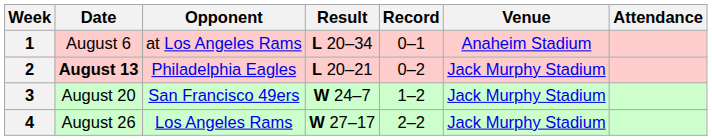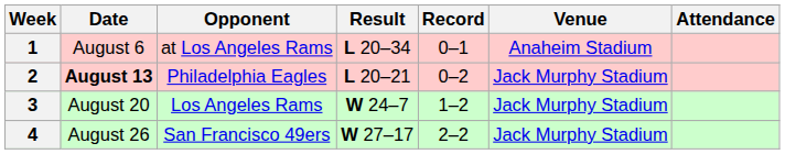 <table class="wikitable" style="text-align:center">
 <tr>
 <th>Week</th>
 <th>Date</th>
 <th>Opponent</th>
 <th>Result</th>
 <th>Record</th>
 <th>Venue</th>
 <th>Attendance</th>
 </tr>
 <tr style="background:#fcc">
 <th>1</th>
 <td>August 6</td>
 <td>at <a href='#'>Los Angeles Rams</a></td>
 <td><strong>L</strong> 20–34</td>
 <td>0–1</td>
 <td><a href='#'>Anaheim Stadium</a></td>
 <td></td>
 </tr>
 <tr style="background:#fcc">
 <th>2</th>
 <td><strong>August 13</strong></td>
 <td><a href='#'>Philadelphia Eagles</a></td>
 <td><strong>L</strong> 20–21</td>
 <td>0–2</td>
 <td><a href='#'>Jack Murphy Stadium</a></td>
 <td></td>
 </tr>
 <tr style="background:#cfc">
 <th>3</th>
 <td>August 20</td>
-<td><a href='#'>San Francisco 49ers</a></td>
+<td><a href='#'>Los Angeles Rams</a></td>
 <td><strong>W</strong> 24–7</td>
 <td>1–2</td>
 <td><a href='#'>Jack Murphy Stadium</a></td>
 <td></td>
 </tr>
 <tr style="background:#cfc">
 <th>4</th>
 <td>August 26</td>
-<td><a href='#'>Los Angeles Rams</a></td>
+<td><a href='#'>San Francisco 49ers</a></td>
 <td><strong>W</strong> 27–17</td>
 <td>2–2</td>
 <td><a href='#'>Jack Murphy Stadium</a></td>
 <td></td>
 </tr>
 </table>
